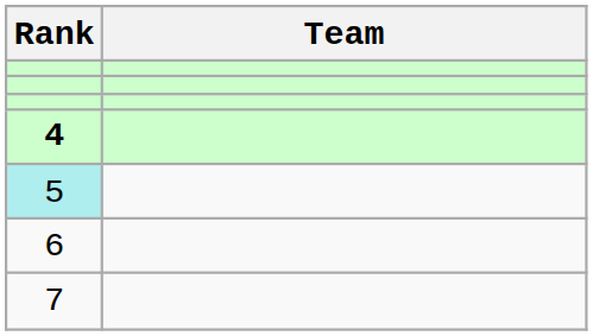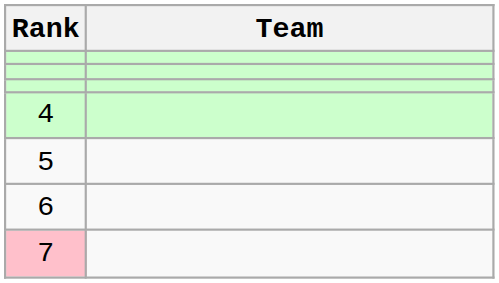 <table class=wikitable style="text-align:center;">
 <tr>
 <th>Rank</th>
 <th width=180>Team</th>
 </tr>
 <tr bgcolor=#CCFFCC>
 <td></td>
 <td align=left></td>
 </tr>
 <tr bgcolor=#CCFFCC>
 <td></td>
 <td align=left></td>
 </tr>
 <tr bgcolor=#CCFFCC>
 <td></td>
 <td align=left></td>
 </tr>
 <tr bgcolor=#CCFFCC>
-<td><strong>4</strong></td>
+<td>4</td>
 <td align=left></td>
 </tr>
 <tr>
-<td style="background: paleturquoise;">5</td>
+<td>5</td>
 <td align=left></td>
 </tr>
 <tr>
 <td>6</td>
 <td align=left></td>
 </tr>
 <tr>
-<td>7</td>
+<td style="background: pink;">7</td>
 <td align=left></td>
 </tr>
 </table>
